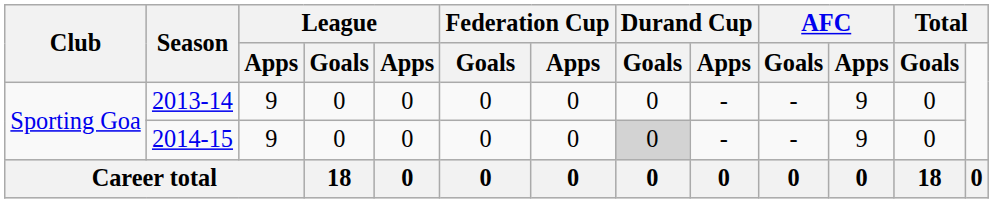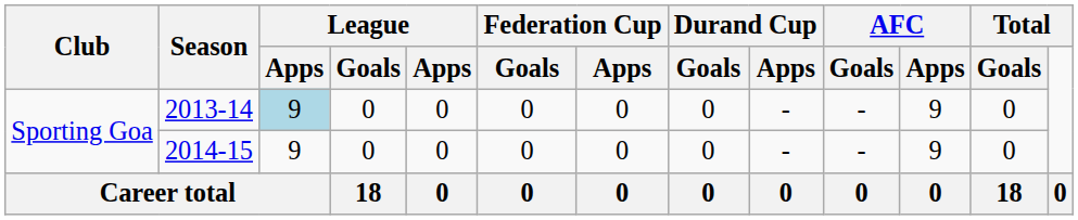 <table class="wikitable" style="text-align: center;">
 <tr>
 <th rowspan="2">Club</th>
 <th rowspan="2">Season</th>
 <th colspan="3">League</th>
 <th colspan="2">Federation Cup</th>
 <th colspan="2">Durand Cup</th>
 <th colspan="2"><a href='#'>AFC</a></th>
 <th colspan="2">Total</th>
 </tr>
 <tr>
 <th>Apps</th>
 <th>Goals</th>
 <th>Apps</th>
 <th>Goals</th>
 <th>Apps</th>
 <th>Goals</th>
 <th>Apps</th>
 <th>Goals</th>
 <th>Apps</th>
 <th>Goals</th>
 </tr>
 <tr>
 <td rowspan="2"><a href='#'>Sporting Goa</a></td>
 <td><a href='#'>2013-14</a></td>
-<td>9</td>
+<td style="background: lightblue;">9</td>
 <td>0</td>
 <td>0</td>
 <td>0</td>
 <td>0</td>
 <td>0</td>
 <td>-</td>
 <td>-</td>
 <td>9</td>
 <td>0</td>
 </tr>
 <tr>
 <td><a href='#'>2014-15</a></td>
 <td>9</td>
 <td>0</td>
 <td>0</td>
 <td>0</td>
 <td>0</td>
-<td style="background: lightgrey;">0</td>
+<td>0</td>
 <td>-</td>
 <td>-</td>
 <td>9</td>
 <td>0</td>
 </tr>
 <tr>
 <th colspan="3">Career total</th>
 <th>18</th>
 <th>0</th>
 <th>0</th>
 <th>0</th>
 <th>0</th>
 <th>0</th>
 <th>0</th>
 <th>0</th>
 <th>18</th>
 <th>0</th>
 </tr>
 </table>
